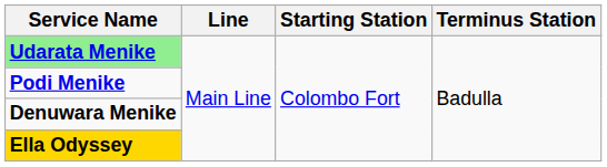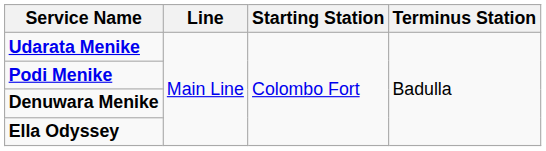 <table class="wikitable">
 <tr>
 <th>Service Name</th>
 <th>Line</th>
 <th>Starting Station</th>
 <th>Terminus Station</th>
 </tr>
 <tr>
-<td style="background: lightgreen;"><strong><a href='#'>Udarata Menike</a></strong></td>
+<td><strong><a href='#'>Udarata Menike</a></strong></td>
 <td rowspan="4"><a href='#'>Main Line</a></td>
 <td rowspan="4"><a href='#'>Colombo Fort</a></td>
 <td rowspan="4">Badulla</td>
 </tr>
 <tr>
 <td><strong><a href='#'>Podi Menike</a></strong></td>
 </tr>
 <tr>
 <td><strong>Denuwara Menike</strong></td>
 </tr>
 <tr>
-<td style="background: gold;"><strong>Ella Odyssey</strong></td>
+<td><strong>Ella Odyssey</strong></td>
 </tr>
 </table>
